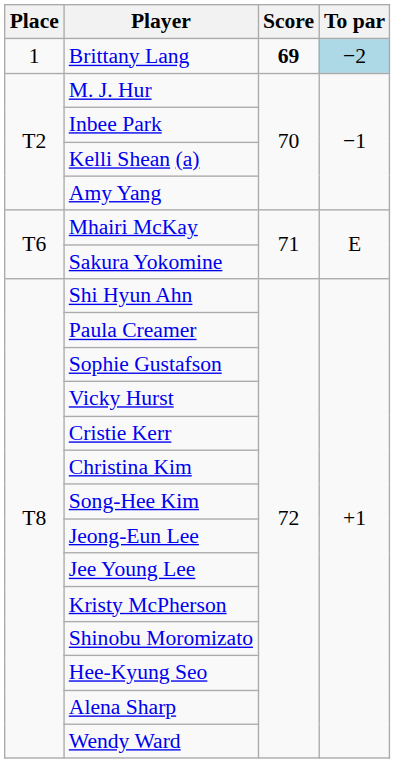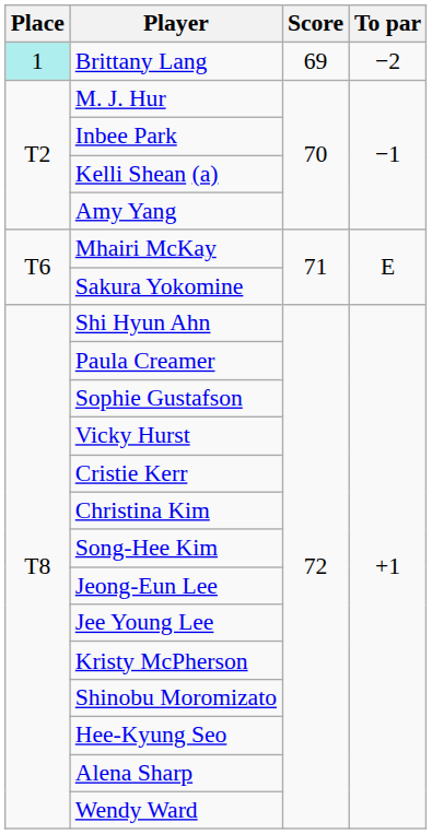 <table class="wikitable">
 <tr>
 <th>Place</th>
 <th>Player</th>
 <th>Score</th>
 <th>To par</th>
 </tr>
 <tr>
-<td align=center>1</td>
+<td align=center style="background: paleturquoise;">1</td>
 <td> <a href='#'>Brittany Lang</a></td>
-<td align=center><strong>69</strong></td>
-<td align=center style="background: lightblue;">−2</td>
+<td align=center>69</td>
+<td align=center>−2</td>
 </tr>
 <tr>
 <td rowspan="4" align=center>T2</td>
 <td> <a href='#'>M. J. Hur</a></td>
 <td rowspan="4" align="center">70</td>
 <td rowspan="4" align=center>−1</td>
 </tr>
 <tr>
 <td> <a href='#'>Inbee Park</a></td>
 </tr>
 <tr>
 <td> <a href='#'>Kelli Shean</a> <a href='#'>(a)</a></td>
 </tr>
 <tr>
 <td> <a href='#'>Amy Yang</a></td>
 </tr>
 <tr>
 <td rowspan="2" align=center>T6</td>
 <td> <a href='#'>Mhairi McKay</a></td>
 <td rowspan="2" align="center">71</td>
 <td rowspan="2" align=center>E</td>
 </tr>
 <tr>
 <td> <a href='#'>Sakura Yokomine</a></td>
 </tr>
 <tr>
 <td rowspan="14" align=center>T8</td>
 <td> <a href='#'>Shi Hyun Ahn</a></td>
 <td rowspan="14" align="center">72</td>
 <td rowspan="14" align=center>+1</td>
 </tr>
 <tr>
 <td> <a href='#'>Paula Creamer</a></td>
 </tr>
 <tr>
 <td> <a href='#'>Sophie Gustafson</a></td>
 </tr>
 <tr>
 <td> <a href='#'>Vicky Hurst</a></td>
 </tr>
 <tr>
 <td> <a href='#'>Cristie Kerr</a></td>
 </tr>
 <tr>
 <td> <a href='#'>Christina Kim</a></td>
 </tr>
 <tr>
 <td> <a href='#'>Song-Hee Kim</a></td>
 </tr>
 <tr>
 <td> <a href='#'>Jeong-Eun Lee</a></td>
 </tr>
 <tr>
 <td> <a href='#'>Jee Young Lee</a></td>
 </tr>
 <tr>
 <td> <a href='#'>Kristy McPherson</a></td>
 </tr>
 <tr>
 <td> <a href='#'>Shinobu Moromizato</a></td>
 </tr>
 <tr>
 <td> <a href='#'>Hee-Kyung Seo</a></td>
 </tr>
 <tr>
 <td> <a href='#'>Alena Sharp</a></td>
 </tr>
 <tr>
 <td> <a href='#'>Wendy Ward</a></td>
 </tr>
 </table>
